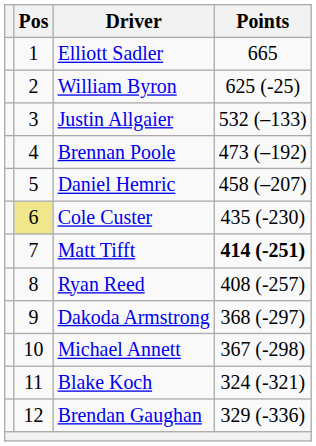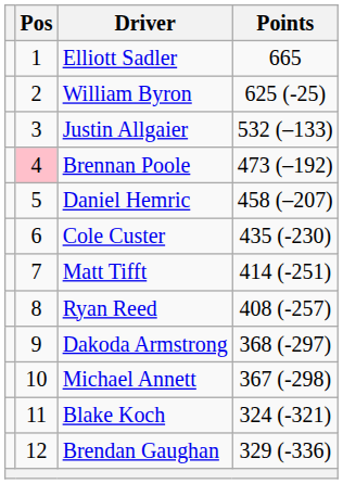 <table class="wikitable" style="font-size: 95%;">
 <tr>
 <th></th>
 <th>Pos</th>
 <th>Driver</th>
 <th>Points</th>
 </tr>
 <tr>
 <td align="left"></td>
 <td style="text-align:center;">1</td>
 <td><a href='#'>Elliott Sadler</a></td>
 <td style="text-align:center;">665</td>
 </tr>
 <tr>
 <td align="left"></td>
 <td style="text-align:center;">2</td>
 <td><a href='#'>William Byron</a></td>
 <td style="text-align:center;">625 (-25)</td>
 </tr>
 <tr>
 <td align="left"></td>
 <td style="text-align:center;">3</td>
 <td><a href='#'>Justin Allgaier</a></td>
 <td style="text-align:center;">532 (–133)</td>
 </tr>
 <tr>
 <td align="left"></td>
-<td style="text-align:center;">4</td>
+<td style="background: pink; text-align:center;">4</td>
 <td><a href='#'>Brennan Poole</a></td>
 <td style="text-align:center;">473 (–192)</td>
 </tr>
 <tr>
 <td align="left"></td>
 <td style="text-align:center;">5</td>
 <td><a href='#'>Daniel Hemric</a></td>
 <td style="text-align:center;">458 (–207)</td>
 </tr>
 <tr>
 <td align="left"></td>
-<td style="background: khaki; text-align:center;">6</td>
+<td style="text-align:center;">6</td>
 <td><a href='#'>Cole Custer</a></td>
 <td style="text-align:center;">435 (-230)</td>
 </tr>
 <tr>
 <td align="left"></td>
 <td style="text-align:center;">7</td>
 <td><a href='#'>Matt Tifft</a></td>
-<td style="text-align:center;"><strong>414 (-251)</strong></td>
+<td style="text-align:center;">414 (-251)</td>
 </tr>
 <tr>
 <td align="left"></td>
 <td style="text-align:center;">8</td>
 <td><a href='#'>Ryan Reed</a></td>
 <td style="text-align:center;">408 (-257)</td>
 </tr>
 <tr>
 <td align="left"></td>
 <td style="text-align:center;">9</td>
 <td><a href='#'>Dakoda Armstrong</a></td>
 <td style="text-align:center;">368 (-297)</td>
 </tr>
 <tr>
 <td align="left"></td>
 <td style="text-align:center;">10</td>
 <td><a href='#'>Michael Annett</a></td>
 <td style="text-align:center;">367 (-298)</td>
 </tr>
 <tr>
 <td align="left"></td>
 <td style="text-align:center;">11</td>
 <td><a href='#'>Blake Koch</a></td>
 <td style="text-align:center;">324 (-321)</td>
 </tr>
 <tr>
 <td align="left"></td>
 <td style="text-align:center;">12</td>
 <td><a href='#'>Brendan Gaughan</a></td>
 <td style="text-align:center;">329 (-336)</td>
 </tr>
 <tr class="sortbottom">
 <th colspan="9"></th>
 </tr>
 </table>
